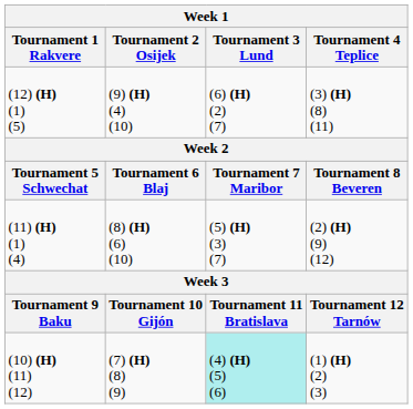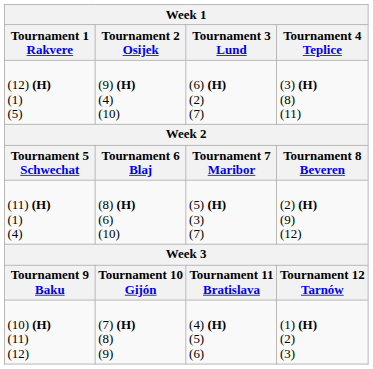 <table class="wikitable">
 <tr>
 <th colspan="4">Week 1</th>
 </tr>
 <tr>
 <th width=25%>Tournament 1<br> <a href='#'>Rakvere</a></th>
 <th width=25%>Tournament 2<br> <a href='#'>Osijek</a></th>
 <th width=25%>Tournament 3<br> <a href='#'>Lund</a></th>
 <th width=25%>Tournament 4<br> <a href='#'>Teplice</a></th>
 </tr>
 <tr>
 <td><br> (12) <strong>(H)</strong><br>  (1)<br>  (5)</td>
 <td><br> (9) <strong>(H)</strong><br>  (4)<br>  (10)</td>
 <td><br> (6) <strong>(H)</strong><br>  (2)<br>  (7)</td>
 <td><br> (3) <strong>(H)</strong><br>  (8)<br>  (11)</td>
 </tr>
 <tr>
 <th colspan="4">Week 2</th>
 </tr>
 <tr>
 <th>Tournament 5<br> <a href='#'>Schwechat</a></th>
 <th>Tournament 6<br> <a href='#'>Blaj</a></th>
 <th>Tournament 7<br> <a href='#'>Maribor</a></th>
 <th>Tournament 8<br>  <a href='#'>Beveren</a></th>
 </tr>
 <tr>
 <td><br> (11) <strong>(H)</strong><br>  (1)<br>  (4)</td>
 <td><br> (8) <strong>(H)</strong><br>  (6)<br>  (10)</td>
 <td><br> (5) <strong>(H)</strong><br>  (3)<br>  (7)</td>
 <td><br> (2) <strong>(H)</strong><br>  (9)<br>  (12)</td>
 </tr>
 <tr>
 <th colspan="4">Week 3</th>
 </tr>
 <tr>
 <th>Tournament 9<br> <a href='#'>Baku</a></th>
 <th>Tournament 10<br> <a href='#'>Gijón</a></th>
 <th>Tournament 11<br> <a href='#'>Bratislava</a></th>
 <th>Tournament 12<br>  <a href='#'>Tarnów</a></th>
 </tr>
 <tr>
 <td><br> (10) <strong>(H)</strong><br>  (11)<br>  (12)</td>
 <td><br> (7) <strong>(H)</strong><br>  (8)<br>  (9)</td>
-<td style="background: paleturquoise;"><br> (4) <strong>(H)</strong><br>  (5)<br>  (6)</td>
+<td><br> (4) <strong>(H)</strong><br>  (5)<br>  (6)</td>
 <td><br> (1) <strong>(H)</strong><br>  (2)<br>  (3)</td>
 </tr>
 </table>
